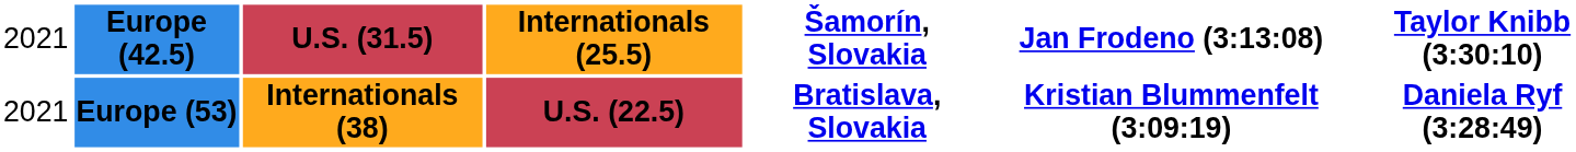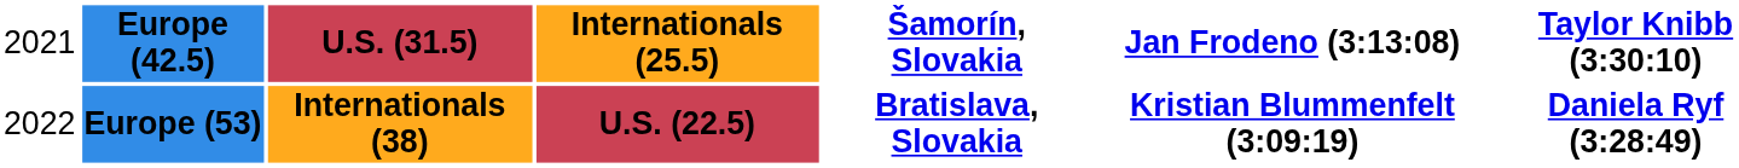 <table>
 <tr>
 <td scope="row" align="center" style="background">2021</td>
 <th scope="row" align="center" style="background: #318CE7;  text-align: center">Europe (42.5)<br></th>
 <th scope="row" align="center" style="background: #CB4154;  text-align: center">U.S. (31.5)<br></th>
 <th scope="row" align="center" style="background: #FFAA1D;  text-align: center">Internationals (25.5)<br></th>
 <th><a href='#'>Šamorín</a>, <a href='#'>Slovakia</a></th>
 <th> <a href='#'>Jan Frodeno</a> (3:13:08)</th>
 <th> <a href='#'>Taylor Knibb</a> (3:30:10)</th>
 </tr>
 <tr>
-<td scope="row" align="center" style="background">2021</td>
+<td scope="row" align="center" style="background">2022</td>
 <th scope="row" align="center" style="background: #318CE7;  text-align: center">Europe (53)<br></th>
 <th scope="row" align="center" style="background: #FFAA1D;  text-align: center">Internationals (38)<br></th>
 <th scope="row" align="center" style="background: #CB4154;  text-align: center">U.S. (22.5)<br></th>
 <th><a href='#'>Bratislava</a>, <a href='#'>Slovakia</a></th>
 <th> <a href='#'>Kristian Blummenfelt</a> (3:09:19)</th>
 <th> <a href='#'>Daniela Ryf</a> (3:28:49)</th>
 </tr>
 </table>
